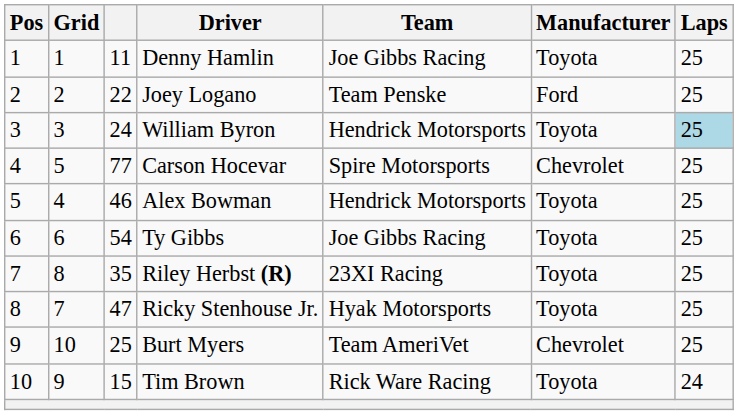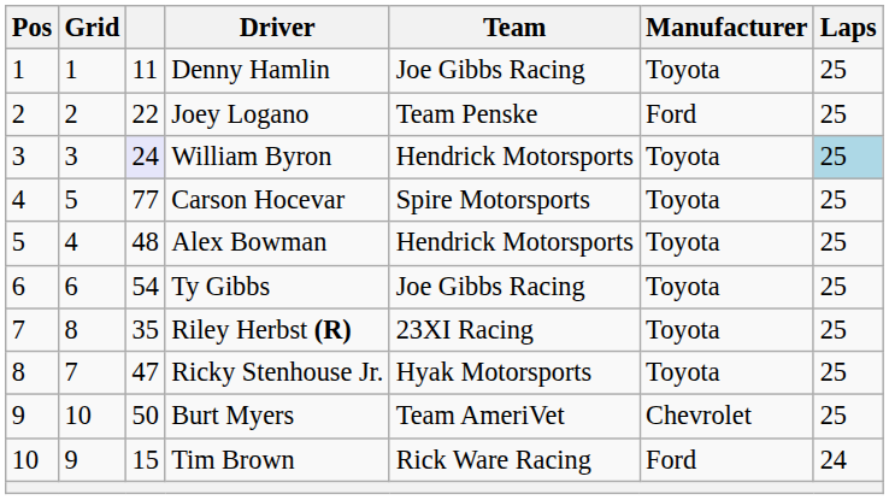 <table class="wikitable" style="font-size:98%">
 <tr>
 <th>Pos</th>
 <th>Grid</th>
 <th></th>
 <th>Driver</th>
 <th>Team</th>
 <th>Manufacturer</th>
 <th>Laps</th>
 </tr>
 <tr>
 <td>1</td>
 <td>1</td>
 <td>11</td>
 <td>Denny Hamlin</td>
 <td>Joe Gibbs Racing</td>
 <td>Toyota</td>
 <td>25</td>
 </tr>
 <tr>
 <td>2</td>
 <td>2</td>
 <td>22</td>
 <td>Joey Logano</td>
 <td>Team Penske</td>
 <td>Ford</td>
 <td>25</td>
 </tr>
 <tr>
 <td>3</td>
 <td>3</td>
-<td>24</td>
+<td style="background: lavender;">24</td>
 <td>William Byron</td>
 <td>Hendrick Motorsports</td>
 <td>Toyota</td>
 <td style="background: lightblue;">25</td>
 </tr>
 <tr>
 <td>4</td>
 <td>5</td>
 <td>77</td>
 <td>Carson Hocevar</td>
 <td>Spire Motorsports</td>
-<td>Chevrolet</td>
+<td>Toyota</td>
 <td>25</td>
 </tr>
 <tr>
 <td>5</td>
 <td>4</td>
-<td>46</td>
+<td>48</td>
 <td>Alex Bowman</td>
 <td>Hendrick Motorsports</td>
 <td>Toyota</td>
 <td>25</td>
 </tr>
 <tr>
 <td>6</td>
 <td>6</td>
 <td>54</td>
 <td>Ty Gibbs</td>
 <td>Joe Gibbs Racing</td>
 <td>Toyota</td>
 <td>25</td>
 </tr>
 <tr>
 <td>7</td>
 <td>8</td>
 <td>35</td>
 <td>Riley Herbst <strong>(R)</strong></td>
 <td>23XI Racing</td>
 <td>Toyota</td>
 <td>25</td>
 </tr>
 <tr>
 <td>8</td>
 <td>7</td>
 <td>47</td>
 <td>Ricky Stenhouse Jr.</td>
 <td>Hyak Motorsports</td>
 <td>Toyota</td>
 <td>25</td>
 </tr>
 <tr>
 <td>9</td>
 <td>10</td>
-<td>25</td>
+<td>50</td>
 <td>Burt Myers</td>
 <td>Team AmeriVet</td>
 <td>Chevrolet</td>
 <td>25</td>
 </tr>
 <tr>
 <td>10</td>
 <td>9</td>
 <td>15</td>
 <td>Tim Brown</td>
 <td>Rick Ware Racing</td>
-<td>Toyota</td>
+<td>Ford</td>
 <td>24</td>
 </tr>
 <tr>
 <th colspan="7"></th>
 </tr>
 </table>
